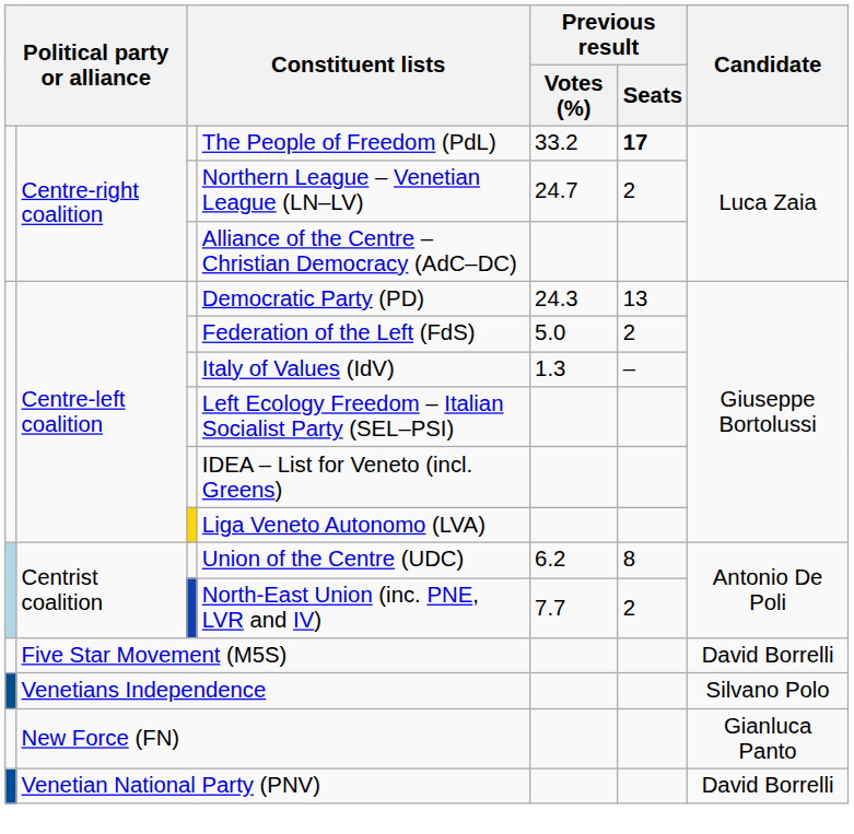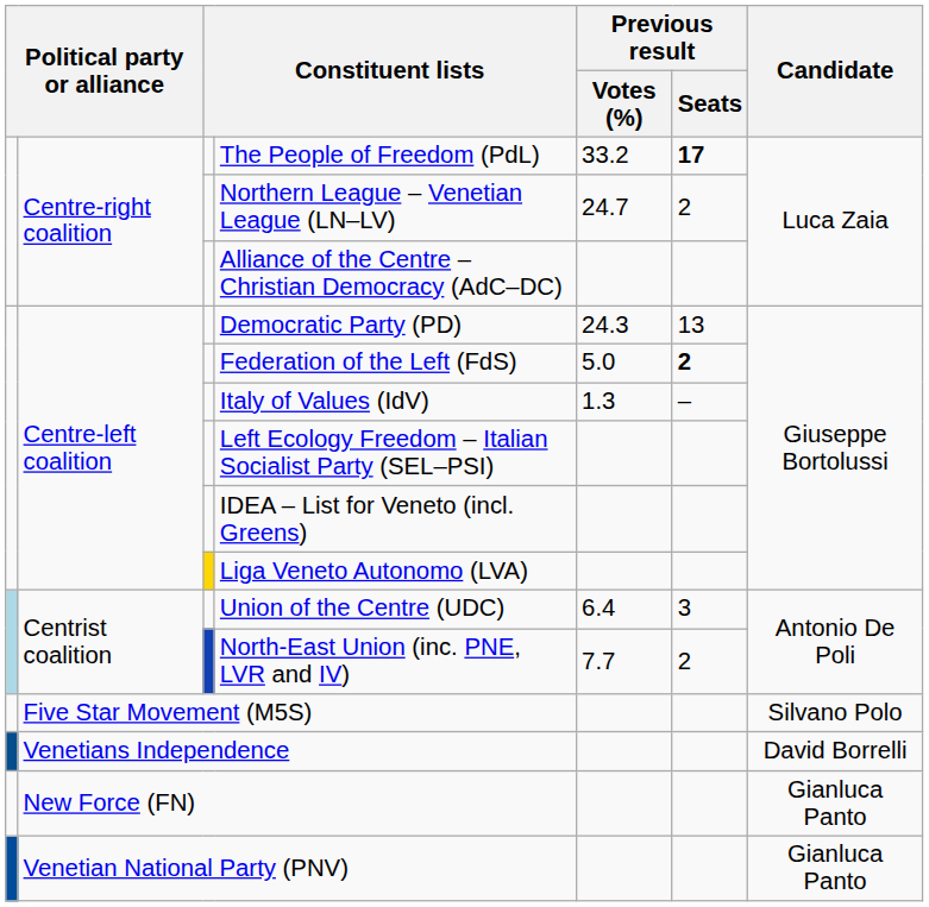 <table class="wikitable" style="text-align:left">
 <tr>
 <th colspan=2 rowspan="2">Political party or alliance</th>
 <th colspan=2 rowspan="2">Constituent lists</th>
 <th colspan="2">Previous result</th>
 <th rowspan="2">Candidate</th>
 </tr>
 <tr>
 <th>Votes (%)</th>
 <th>Seats</th>
 </tr>
 <tr>
 <td rowspan="3" style="background:"></td>
 <td rowspan=3><a href='#'>Centre-right coalition</a></td>
 <td></td>
 <td style="text-align:left;"><a href='#'>The People of Freedom</a> (PdL)</td>
 <td>33.2</td>
 <td><strong>17</strong></td>
 <td rowspan="3" style="text-align:center;">Luca Zaia</td>
 </tr>
 <tr>
 <td></td>
 <td style="text-align:left;"><a href='#'>Northern League</a> – <a href='#'>Venetian League</a> (LN–LV)</td>
 <td>24.7</td>
 <td>2</td>
 </tr>
 <tr>
 <td></td>
 <td style="text-align:left;"><a href='#'>Alliance of the Centre</a> – <a href='#'>Christian Democracy</a> (AdC–DC)</td>
 <td></td>
 <td></td>
 </tr>
 <tr>
 <td rowspan="6"></td>
 <td rowspan=6><a href='#'>Centre-left coalition</a></td>
 <td></td>
 <td style="text-align:left;"><a href='#'>Democratic Party</a> (PD)</td>
 <td>24.3</td>
 <td>13</td>
 <td rowspan="6" style="text-align:center;">Giuseppe Bortolussi</td>
 </tr>
 <tr>
 <td></td>
 <td style="text-align:left;"><a href='#'>Federation of the Left</a> (FdS)</td>
 <td>5.0</td>
-<td>2</td>
+<td><strong>2</strong></td>
 </tr>
 <tr>
 <td></td>
 <td style="text-align:left;"><a href='#'>Italy of Values</a> (IdV)</td>
 <td>1.3</td>
 <td>–</td>
 </tr>
 <tr>
 <td></td>
 <td style="text-align:left;"><a href='#'>Left Ecology Freedom</a> – <a href='#'>Italian Socialist Party</a> (SEL–PSI)</td>
 <td></td>
 <td></td>
 </tr>
 <tr>
 <td></td>
 <td align="left">IDEA – List for Veneto (incl. <a href='#'>Greens</a>)</td>
 <td></td>
 <td></td>
 </tr>
 <tr>
 <td bgcolor="gold"></td>
 <td align="left"><a href='#'>Liga Veneto Autonomo</a> (LVA)</td>
 <td></td>
 <td></td>
 </tr>
 <tr>
 <td rowspan="2" style="background:lightblue"></td>
 <td rowspan=2>Centrist coalition</td>
 <td></td>
 <td style="text-align:left;"><a href='#'>Union of the Centre</a> (UDC)</td>
-<td>6.2</td>
-<td>8</td>
+<td>6.4</td>
+<td>3</td>
 <td rowspan="2" style="text-align:center;">Antonio De Poli</td>
 </tr>
 <tr>
 <td bgcolor="#1140B3"></td>
 <td style="text-align:left;"><a href='#'>North-East Union</a> (inc. <a href='#'>PNE</a>, <a href='#'>LVR</a> and <a href='#'>IV</a>)</td>
 <td>7.7</td>
 <td>2</td>
 </tr>
 <tr>
 <td></td>
 <td colspan="3"><a href='#'>Five Star Movement</a> (M5S)</td>
 <td></td>
 <td></td>
-<td style="text-align:center;">David Borrelli</td>
+<td style="text-align:center;">Silvano Polo</td>
 </tr>
 <tr>
 <td style="background-color:#064D8C"></td>
 <td colspan="3"><a href='#'>Venetians Independence</a></td>
 <td></td>
 <td></td>
-<td style="text-align:center;">Silvano Polo</td>
+<td style="text-align:center;">David Borrelli</td>
 </tr>
 <tr>
 <td></td>
 <td colspan="3"><a href='#'>New Force</a> (FN)</td>
 <td></td>
 <td></td>
 <td style="text-align:center;">Gianluca Panto</td>
 </tr>
 <tr>
 <td bgcolor="#004C9A"></td>
 <td colspan="3"><a href='#'>Venetian National Party</a> (PNV)</td>
 <td></td>
 <td></td>
-<td style="text-align:center;">David Borrelli</td>
+<td style="text-align:center;">Gianluca Panto</td>
 </tr>
 </table>
